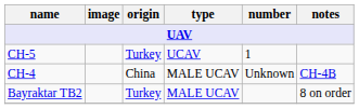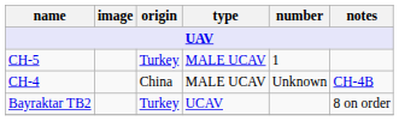 <table class="wikitable">
 <tr>
 <th>name</th>
 <th>image</th>
 <th>origin</th>
 <th>type</th>
 <th>number</th>
 <th>notes</th>
 </tr>
 <tr>
 <th style="align: center; background: lavender;" colspan="6"><a href='#'>UAV</a></th>
 </tr>
 <tr>
 <td><a href='#'>CH-5</a></td>
 <td></td>
 <td><a href='#'>Turkey</a></td>
-<td><a href='#'>UCAV</a></td>
+<td><a href='#'>MALE UCAV</a></td>
 <td>1</td>
 <td></td>
 </tr>
 <tr>
 <td><a href='#'>CH-4</a></td>
 <td></td>
 <td>China</td>
 <td>MALE UCAV</td>
 <td>Unknown</td>
 <td><a href='#'>CH-4B</a></td>
 </tr>
 <tr>
 <td><a href='#'>Bayraktar TB2</a></td>
 <td></td>
 <td><a href='#'>Turkey</a></td>
-<td><a href='#'>MALE UCAV</a></td>
+<td><a href='#'>UCAV</a></td>
 <td></td>
 <td>8 on order</td>
 </tr>
 <tr>
 </tr>
 </table>
